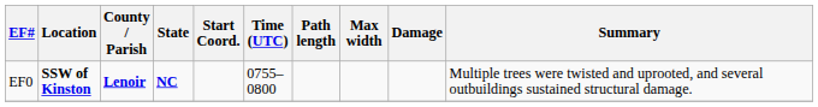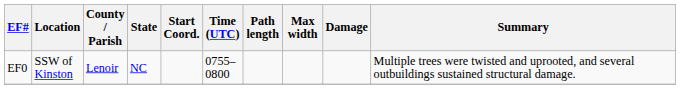 <table class="wikitable sortable" style="width:100%;">
 <tr>
 <th scope="col" width="3%" align="center"><a href='#'>EF#</a></th>
 <th scope="col" width="7%" align="center" class="unsortable">Location</th>
 <th scope="col" width="6%" align="center" class="unsortable">County / Parish</th>
 <th scope="col" width="5%" align="center">State</th>
 <th scope="col" width="6%" align="center">Start Coord.</th>
 <th scope="col" width="6%" align="center">Time (<a href='#'>UTC</a>)</th>
 <th scope="col" width="6%" align="center">Path length</th>
 <th scope="col" width="6%" align="center">Max width</th>
 <th scope="col" width="6%" align="center">Damage</th>
 <th scope="col" width="48%" class="unsortable" align="center">Summary</th>
 </tr>
 <tr>
 <td>EF0</td>
-<td><strong>SSW of <a href='#'>Kinston</a></strong></td>
-<td><strong><a href='#'>Lenoir</a></strong></td>
-<td><strong><a href='#'>NC</a></strong></td>
+<td>SSW of <a href='#'>Kinston</a></td>
+<td><a href='#'>Lenoir</a></td>
+<td><a href='#'>NC</a></td>
 <td></td>
 <td>0755–0800</td>
 <td></td>
 <td></td>
 <td></td>
 <td>Multiple trees were twisted and uprooted, and several outbuildings sustained structural damage.</td>
 </tr>
 <tr>
 </tr>
 </table>
